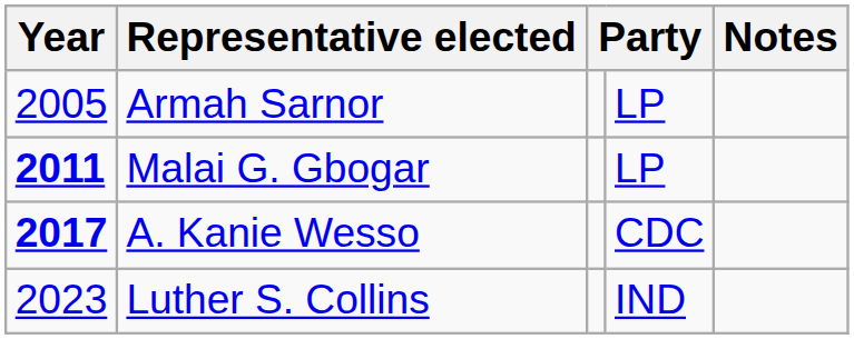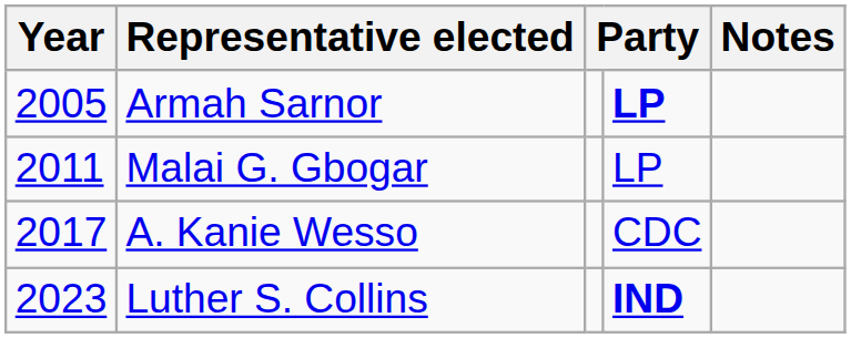 <table class="wikitable">
 <tr>
 <th>Year</th>
 <th>Representative elected</th>
 <th colspan=2>Party</th>
 <th>Notes</th>
 </tr>
 <tr>
 <td><a href='#'>2005</a></td>
 <td><a href='#'>Armah Sarnor</a></td>
 <td></td>
-<td><a href='#'>LP</a></td>
+<td><strong><a href='#'>LP</a></strong></td>
 <td></td>
 </tr>
 <tr>
-<td><strong><a href='#'>2011</a></strong></td>
+<td><a href='#'>2011</a></td>
 <td><a href='#'>Malai G. Gbogar</a></td>
 <td></td>
 <td><a href='#'>LP</a></td>
 <td></td>
 </tr>
 <tr>
-<td><strong><a href='#'>2017</a></strong></td>
+<td><a href='#'>2017</a></td>
 <td><a href='#'>A. Kanie Wesso</a></td>
 <td></td>
 <td><a href='#'>CDC</a></td>
 <td></td>
 </tr>
 <tr>
 <td><a href='#'>2023</a></td>
 <td><a href='#'>Luther S. Collins</a></td>
 <td></td>
-<td><a href='#'>IND</a></td>
+<td><strong><a href='#'>IND</a></strong></td>
 <td></td>
 </tr>
 </table>
